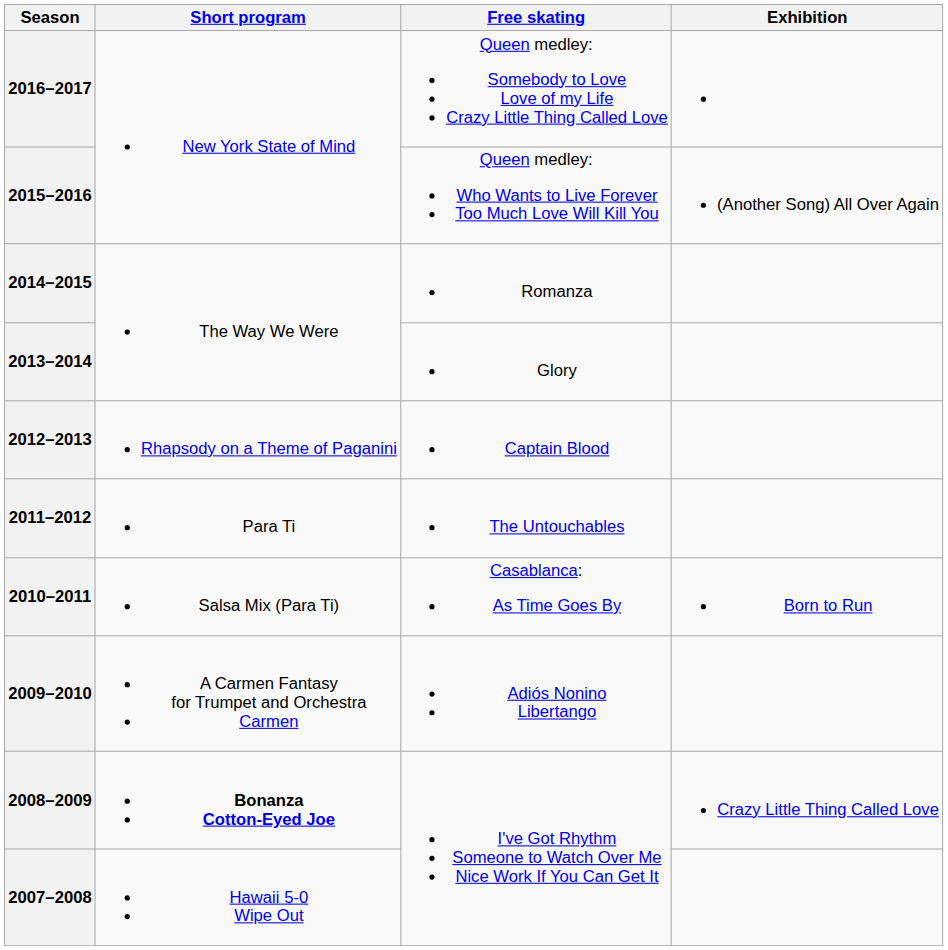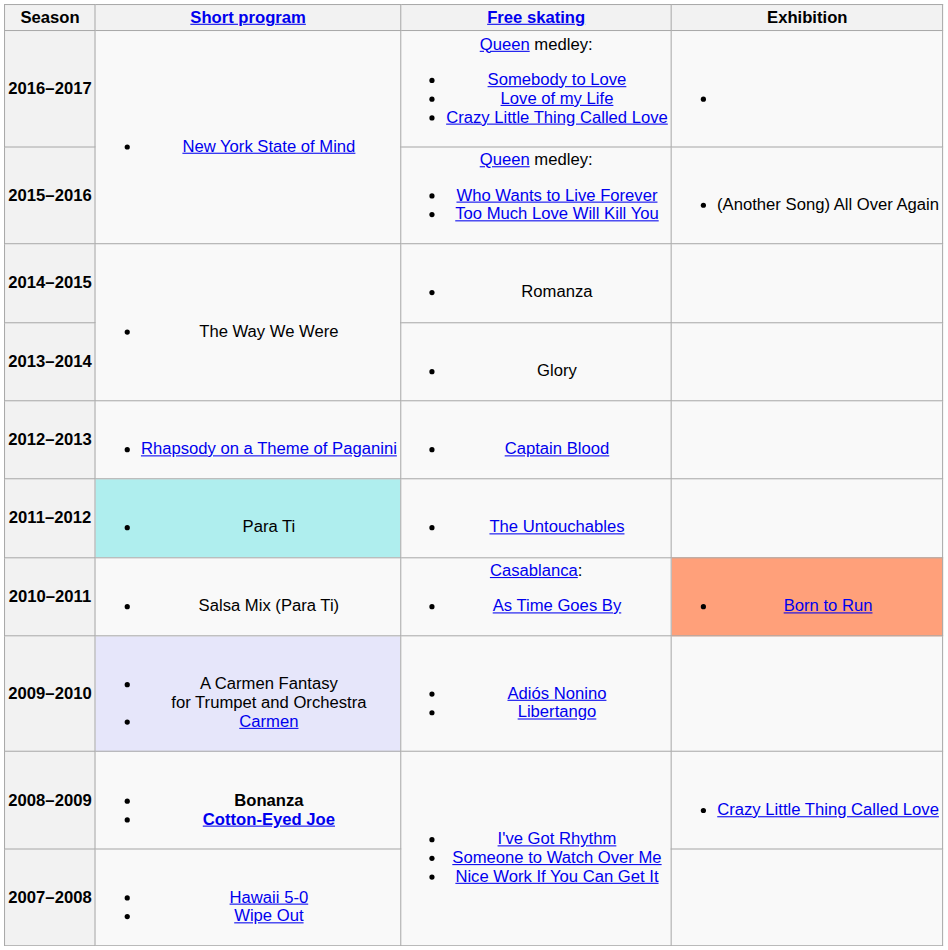 <table class="wikitable" style="text-align:center">
 <tr>
 <th>Season</th>
 <th><a href='#'>Short program</a></th>
 <th><a href='#'>Free skating</a></th>
 <th>Exhibition</th>
 </tr>
 <tr>
 <th>2016–2017 <br></th>
 <td rowspan=2><br><ul><li><a href='#'>New York State of Mind</a> <br></li></ul></td>
 <td><a href='#'>Queen</a> medley:<br><ul><li><a href='#'>Somebody to Love</a></li><li><a href='#'>Love of my Life</a></li><li><a href='#'>Crazy Little Thing Called Love</a></li></ul></td>
 <td><br><ul><li></li></ul></td>
 </tr>
 <tr>
 <th>2015–2016 <br></th>
 <td><a href='#'>Queen</a> medley:<br><ul><li><a href='#'>Who Wants to Live Forever</a></li><li><a href='#'>Too Much Love Will Kill You</a> <br></li></ul></td>
 <td><br><ul><li>(Another Song) All Over Again <br></li></ul></td>
 </tr>
 <tr>
 <th>2014–2015 <br> </th>
 <td rowspan=2><br><ul><li>The Way We Were <br></li></ul></td>
 <td><br><ul><li>Romanza <br></li></ul></td>
 <td></td>
 </tr>
 <tr>
 <th>2013–2014 <br> </th>
 <td><br><ul><li>Glory <br></li></ul></td>
 <td></td>
 </tr>
 <tr>
 <th>2012–2013 <br> </th>
 <td><br><ul><li><a href='#'>Rhapsody on a Theme of Paganini</a> <br></li></ul></td>
 <td><br><ul><li><a href='#'>Captain Blood</a> <br></li></ul></td>
 <td></td>
 </tr>
 <tr>
 <th>2011–2012 <br> </th>
-<td><br><ul><li>Para Ti <br></li></ul></td>
+<td style="background: paleturquoise;"><br><ul><li>Para Ti <br></li></ul></td>
 <td><br><ul><li><a href='#'>The Untouchables</a> <br></li></ul></td>
 <td></td>
 </tr>
 <tr>
 <th>2010–2011 <br> </th>
 <td><br><ul><li>Salsa Mix (Para Ti) <br></li></ul></td>
 <td><a href='#'>Casablanca</a>:<br><ul><li><a href='#'>As Time Goes By</a> <br></li></ul></td>
-<td><br><ul><li><a href='#'>Born to Run</a> <br></li></ul></td>
+<td style="background: lightsalmon;"><br><ul><li><a href='#'>Born to Run</a> <br></li></ul></td>
 </tr>
 <tr>
 <th>2009–2010 <br> </th>
-<td><br><ul><li>A Carmen Fantasy <br> for Trumpet and Orchestra</li><li><a href='#'>Carmen</a> <br></li></ul></td>
+<td style="background: lavender;"><br><ul><li>A Carmen Fantasy <br> for Trumpet and Orchestra</li><li><a href='#'>Carmen</a> <br></li></ul></td>
 <td><br><ul><li><a href='#'>Adiós Nonino</a></li><li><a href='#'>Libertango</a> <br></li></ul></td>
 <td></td>
 </tr>
 <tr>
 <th>2008–2009 <br> </th>
 <td><strong><br><ul><li>Bonanza <br></li><li><a href='#'>Cotton-Eyed Joe</a> <br></li></ul></strong></td>
 <td rowspan=2><br><ul><li><a href='#'>I've Got Rhythm</a></li><li><a href='#'>Someone to Watch Over Me</a></li><li><a href='#'>Nice Work If You Can Get It</a> <br></li></ul></td>
 <td><br><ul><li><a href='#'>Crazy Little Thing Called Love</a> <br></li></ul></td>
 </tr>
 <tr>
 <th>2007–2008 <br> </th>
 <td><br><ul><li><a href='#'>Hawaii 5-0</a> <br></li><li><a href='#'>Wipe Out</a> <br></li></ul></td>
 <td></td>
 </tr>
 </table>
